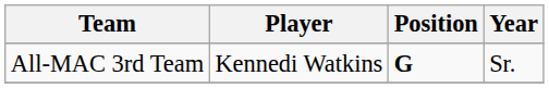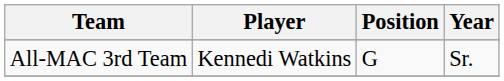 <table class="wikitable" border="1">
 <tr align=center>
 <th style= >Team</th>
 <th style= >Player</th>
 <th style= >Position</th>
 <th style= >Year</th>
 </tr>
 <tr align="center">
 </tr>
 <tr>
 <td>All-MAC 3rd Team</td>
 <td>Kennedi Watkins</td>
-<td><strong>G</strong></td>
+<td>G</td>
 <td>Sr.</td>
 </tr>
 <tr>
 </tr>
 </table>
